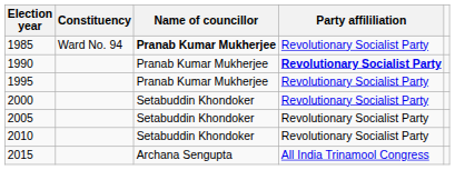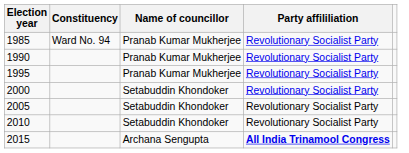 <table class="wikitable"ìÍĦĤĠčw>
 <tr>
 <th>Election<br> year</th>
 <th>Constituency</th>
 <th>Name of councillor</th>
 <th>Party affililiation</th>
 </tr>
 <tr>
 <td>1985</td>
 <td>Ward No. 94</td>
-<td><strong>Pranab Kumar Mukherjee</strong></td>
+<td>Pranab Kumar Mukherjee</td>
 <td><a href='#'>Revolutionary Socialist Party</a></td>
 <td></td>
 </tr>
 <tr>
 <td>1990</td>
 <td></td>
 <td>Pranab Kumar Mukherjee</td>
-<td><strong><a href='#'>Revolutionary Socialist Party</a></strong></td>
+<td><a href='#'>Revolutionary Socialist Party</a></td>
 <td></td>
 </tr>
 <tr>
 <td>1995</td>
 <td></td>
 <td>Pranab Kumar Mukherjee</td>
 <td><a href='#'>Revolutionary Socialist Party</a></td>
 <td></td>
 </tr>
 <tr>
 <td>2000</td>
 <td></td>
 <td>Setabuddin Khondoker</td>
 <td><a href='#'>Revolutionary Socialist Party</a></td>
 <td></td>
 </tr>
 <tr>
 <td>2005</td>
 <td></td>
 <td>Setabuddin Khondoker</td>
 <td>Revolutionary Socialist Party</td>
 <td></td>
 </tr>
 <tr>
 <td>2010</td>
 <td></td>
 <td>Setabuddin Khondoker</td>
 <td>Revolutionary Socialist Party</td>
 <td></td>
 </tr>
 <tr>
 <td>2015</td>
 <td></td>
 <td>Archana Sengupta</td>
-<td><a href='#'>All India Trinamool Congress</a></td>
+<td><strong><a href='#'>All India Trinamool Congress</a></strong></td>
 <td></td>
 </tr>
 </table>
